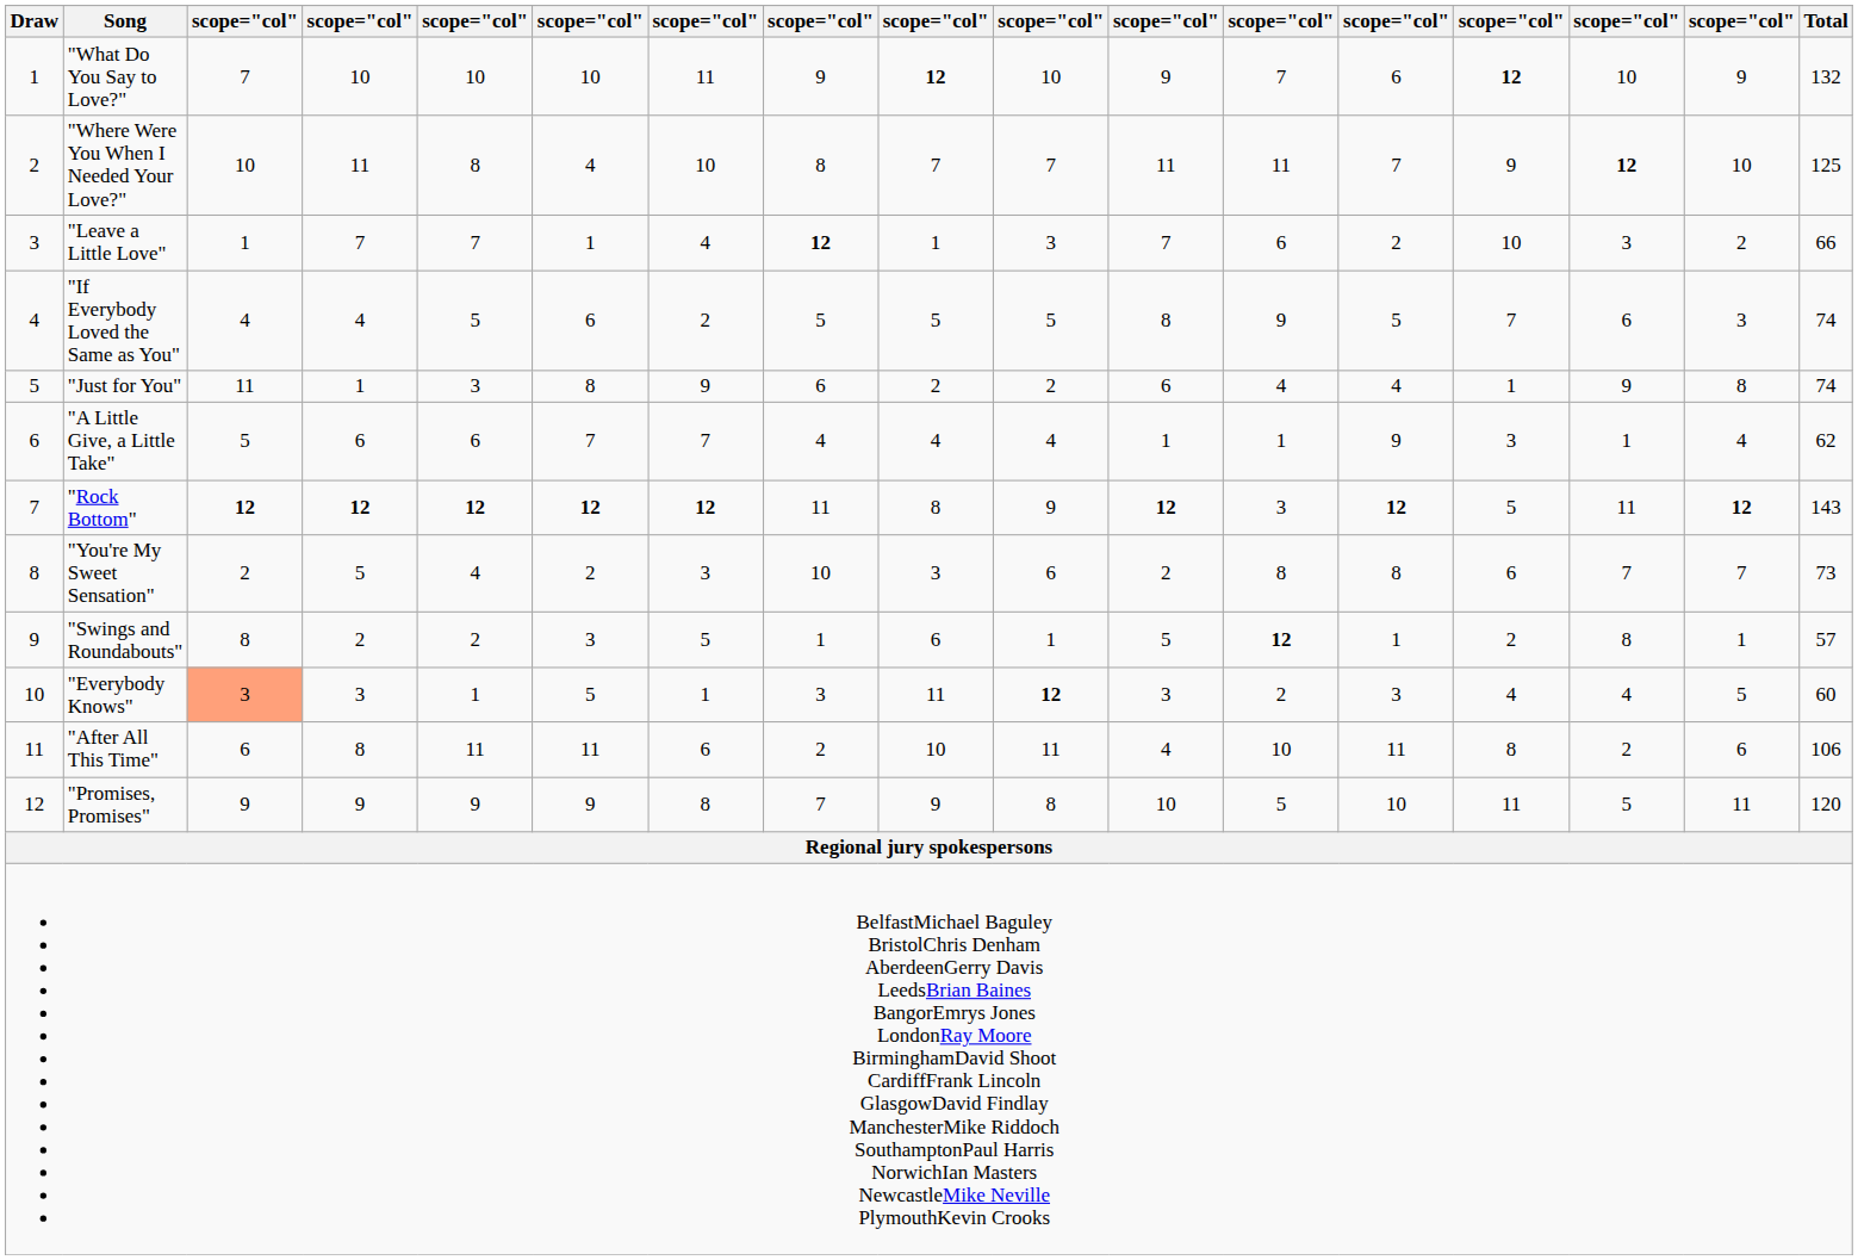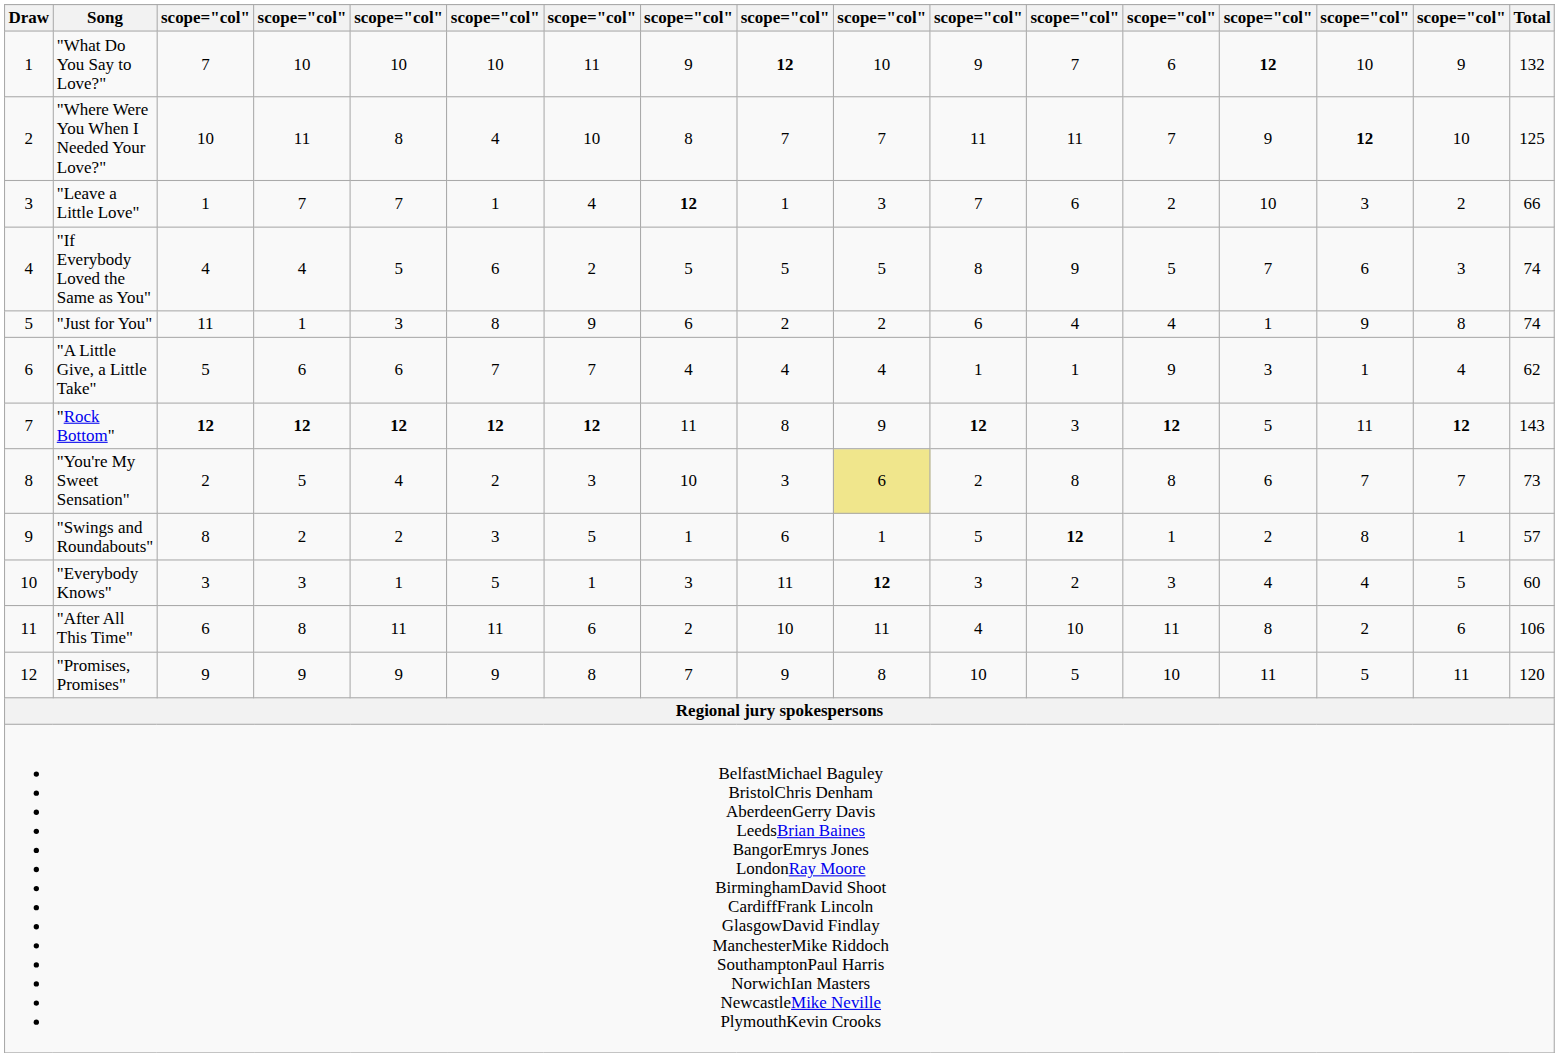 <table class="wikitable plainrowheaders" style="margin: 1em auto 1em auto; text-align:center;">
 <tr>
 </tr>
 <tr>
 <th scope="col">Draw</th>
 <th scope="col">Song</th>
 <th>scope="col" </th>
 <th>scope="col" </th>
 <th>scope="col" </th>
 <th>scope="col" </th>
 <th>scope="col" </th>
 <th>scope="col" </th>
 <th>scope="col" </th>
 <th>scope="col" </th>
 <th>scope="col" </th>
 <th>scope="col" </th>
 <th>scope="col" </th>
 <th>scope="col" </th>
 <th>scope="col" </th>
 <th>scope="col" </th>
 <th scope="col">Total</th>
 </tr>
 <tr>
 <td>1</td>
 <td align="left">"What Do You Say to Love?"</td>
 <td>7</td>
 <td>10</td>
 <td>10</td>
 <td>10</td>
 <td>11</td>
 <td>9</td>
 <td><strong>12</strong></td>
 <td>10</td>
 <td>9</td>
 <td>7</td>
 <td>6</td>
 <td><strong>12</strong></td>
 <td>10</td>
 <td>9</td>
 <td>132</td>
 </tr>
 <tr>
 <td>2</td>
 <td align="left">"Where Were You When I Needed Your Love?"</td>
 <td>10</td>
 <td>11</td>
 <td>8</td>
 <td>4</td>
 <td>10</td>
 <td>8</td>
 <td>7</td>
 <td>7</td>
 <td>11</td>
 <td>11</td>
 <td>7</td>
 <td>9</td>
 <td><strong>12</strong></td>
 <td>10</td>
 <td>125</td>
 </tr>
 <tr>
 <td>3</td>
 <td align="left">"Leave a Little Love"</td>
 <td>1</td>
 <td>7</td>
 <td>7</td>
 <td>1</td>
 <td>4</td>
 <td><strong>12</strong></td>
 <td>1</td>
 <td>3</td>
 <td>7</td>
 <td>6</td>
 <td>2</td>
 <td>10</td>
 <td>3</td>
 <td>2</td>
 <td>66</td>
 </tr>
 <tr>
 <td>4</td>
 <td align="left">"If Everybody Loved the Same as You"</td>
 <td>4</td>
 <td>4</td>
 <td>5</td>
 <td>6</td>
 <td>2</td>
 <td>5</td>
 <td>5</td>
 <td>5</td>
 <td>8</td>
 <td>9</td>
 <td>5</td>
 <td>7</td>
 <td>6</td>
 <td>3</td>
 <td>74</td>
 </tr>
 <tr>
 <td>5</td>
 <td align="left">"Just for You"</td>
 <td>11</td>
 <td>1</td>
 <td>3</td>
 <td>8</td>
 <td>9</td>
 <td>6</td>
 <td>2</td>
 <td>2</td>
 <td>6</td>
 <td>4</td>
 <td>4</td>
 <td>1</td>
 <td>9</td>
 <td>8</td>
 <td>74</td>
 </tr>
 <tr>
 <td>6</td>
 <td align="left">"A Little Give, a Little Take"</td>
 <td>5</td>
 <td>6</td>
 <td>6</td>
 <td>7</td>
 <td>7</td>
 <td>4</td>
 <td>4</td>
 <td>4</td>
 <td>1</td>
 <td>1</td>
 <td>9</td>
 <td>3</td>
 <td>1</td>
 <td>4</td>
 <td>62</td>
 </tr>
 <tr>
 <td>7</td>
 <td align="left">"<a href='#'>Rock Bottom</a>"</td>
 <td><strong>12</strong></td>
 <td><strong>12</strong></td>
 <td><strong>12</strong></td>
 <td><strong>12</strong></td>
 <td><strong>12</strong></td>
 <td>11</td>
 <td>8</td>
 <td>9</td>
 <td><strong>12</strong></td>
 <td>3</td>
 <td><strong>12</strong></td>
 <td>5</td>
 <td>11</td>
 <td><strong>12</strong></td>
 <td>143</td>
 </tr>
 <tr>
 <td>8</td>
 <td align="left">"You're My Sweet Sensation"</td>
 <td>2</td>
 <td>5</td>
 <td>4</td>
 <td>2</td>
 <td>3</td>
 <td>10</td>
 <td>3</td>
-<td>6</td>
+<td style="background: khaki;">6</td>
 <td>2</td>
 <td>8</td>
 <td>8</td>
 <td>6</td>
 <td>7</td>
 <td>7</td>
 <td>73</td>
 </tr>
 <tr>
 <td>9</td>
 <td align="left">"Swings and Roundabouts"</td>
 <td>8</td>
 <td>2</td>
 <td>2</td>
 <td>3</td>
 <td>5</td>
 <td>1</td>
 <td>6</td>
 <td>1</td>
 <td>5</td>
 <td><strong>12</strong></td>
 <td>1</td>
 <td>2</td>
 <td>8</td>
 <td>1</td>
 <td>57</td>
 </tr>
 <tr>
 <td>10</td>
 <td align="left">"Everybody Knows"</td>
-<td style="background: lightsalmon;">3</td>
+<td>3</td>
 <td>3</td>
 <td>1</td>
 <td>5</td>
 <td>1</td>
 <td>3</td>
 <td>11</td>
 <td><strong>12</strong></td>
 <td>3</td>
 <td>2</td>
 <td>3</td>
 <td>4</td>
 <td>4</td>
 <td>5</td>
 <td>60</td>
 </tr>
 <tr>
 <td>11</td>
 <td align="left">"After All This Time"</td>
 <td>6</td>
 <td>8</td>
 <td>11</td>
 <td>11</td>
 <td>6</td>
 <td>2</td>
 <td>10</td>
 <td>11</td>
 <td>4</td>
 <td>10</td>
 <td>11</td>
 <td>8</td>
 <td>2</td>
 <td>6</td>
 <td>106</td>
 </tr>
 <tr>
 <td>12</td>
 <td align="left">"Promises, Promises"</td>
 <td>9</td>
 <td>9</td>
 <td>9</td>
 <td>9</td>
 <td>8</td>
 <td>7</td>
 <td>9</td>
 <td>8</td>
 <td>10</td>
 <td>5</td>
 <td>10</td>
 <td>11</td>
 <td>5</td>
 <td>11</td>
 <td>120</td>
 </tr>
 <tr class="sortbottom">
 <th colspan="17">Regional jury spokespersons</th>
 </tr>
 <tr class="sortbottom">
 <td colspan="17"><br><ul><li>BelfastMichael Baguley</li><li>BristolChris Denham</li><li>AberdeenGerry Davis</li><li>Leeds<a href='#'>Brian Baines</a></li><li>BangorEmrys Jones</li><li>London<a href='#'>Ray Moore</a></li><li>BirminghamDavid Shoot</li><li>CardiffFrank Lincoln</li><li>GlasgowDavid Findlay</li><li>ManchesterMike Riddoch</li><li>SouthamptonPaul Harris</li><li>NorwichIan Masters</li><li>Newcastle<a href='#'>Mike Neville</a></li><li>PlymouthKevin Crooks</li></ul></td>
 </tr>
 </table>
